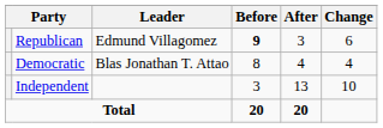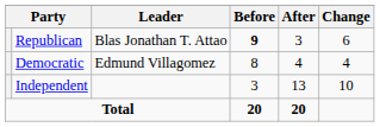 <table class="wikitable" style="text-align:center;">
 <tr>
 </tr>
 <tr>
 <th colspan=2>Party</th>
 <th>Leader</th>
 <th>Before</th>
 <th>After</th>
 <th>Change</th>
 </tr>
 <tr>
 <th style="background-color:"></th>
 <td style="text-align:left;"><a href='#'>Republican</a></td>
-<td style="text-align:left;">Edmund Villagomez</td>
+<td style="text-align:left;">Blas Jonathan T. Attao</td>
 <td><strong>9</strong></td>
 <td>3</td>
 <td> 6</td>
 </tr>
 <tr>
 <th style="background-color:"></th>
 <td style="text-align:left;"><a href='#'>Democratic</a></td>
-<td style="text-align:left;">Blas Jonathan T. Attao</td>
+<td style="text-align:left;">Edmund Villagomez</td>
 <td>8</td>
 <td>4</td>
 <td> 4</td>
 </tr>
 <tr>
 <th style="background-color:"></th>
 <td style="text-align:left;"><a href='#'>Independent</a></td>
 <td style="text-align:left;"></td>
 <td>3</td>
 <td>13</td>
 <td> 10</td>
 </tr>
 <tr>
 <td colspan=3><strong>Total</strong></td>
 <td><strong>20</strong></td>
 <td><strong>20</strong></td>
 <td></td>
 </tr>
 </table>
